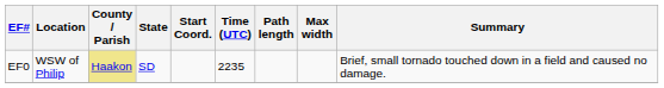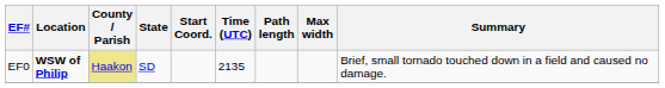 <table class="wikitable sortable" style="width:100%;">
 <tr>
 <th scope="col" width="3%" align="center"><a href='#'>EF#</a></th>
 <th scope="col" width="7%" align="center" class="unsortable">Location</th>
 <th scope="col" width="6%" align="center" class="unsortable">County / Parish</th>
 <th scope="col" width="5%" align="center">State</th>
 <th scope="col" width="6%" align="center">Start Coord.</th>
 <th scope="col" width="6%" align="center">Time (<a href='#'>UTC</a>)</th>
 <th scope="col" width="6%" align="center">Path length</th>
 <th scope="col" width="6%" align="center">Max width</th>
 <th scope="col" width="48%" class="unsortable" align="center">Summary</th>
 </tr>
 <tr>
 <td>EF0</td>
-<td>WSW of <a href='#'>Philip</a></td>
+<td><strong>WSW of <a href='#'>Philip</a></strong></td>
 <td style="background: khaki;"><a href='#'>Haakon</a></td>
 <td><a href='#'>SD</a></td>
 <td></td>
-<td>2235</td>
+<td>2135</td>
 <td></td>
 <td></td>
 <td>Brief, small tornado touched down in a field and caused no damage.</td>
 </tr>
 <tr>
 </tr>
 </table>
